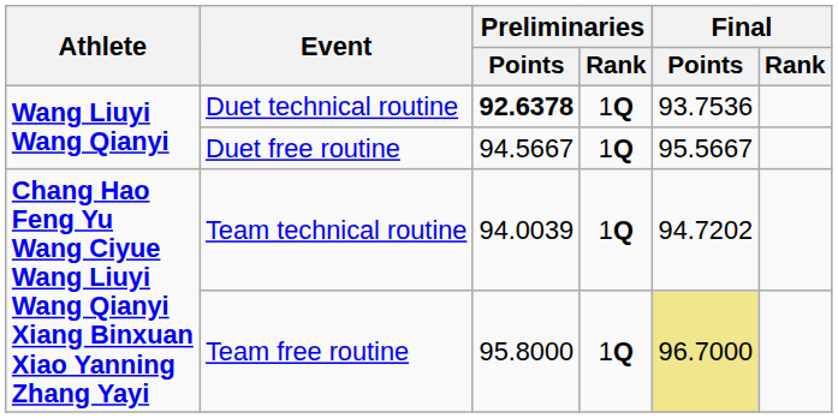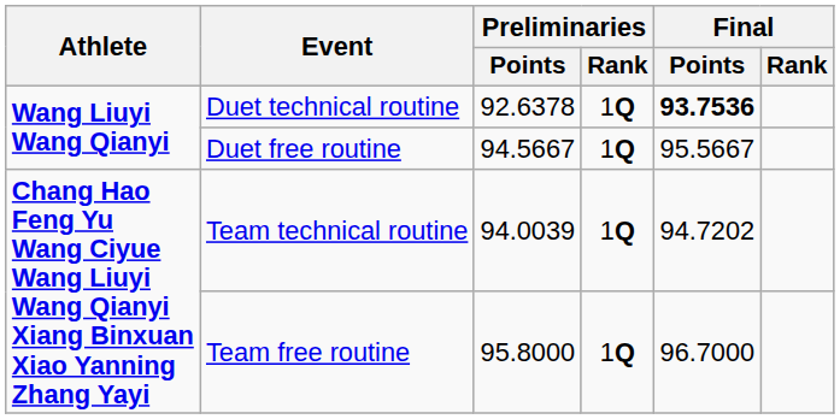 <table class="wikitable" style="font-size:90%">
 <tr>
 <th rowspan="2">Athlete</th>
 <th rowspan="2">Event</th>
 <th colspan="2">Preliminaries</th>
 <th colspan="2">Final</th>
 </tr>
 <tr style="font-size:95%">
 <th>Points</th>
 <th>Rank</th>
 <th>Points</th>
 <th>Rank</th>
 </tr>
 <tr align="center">
 <td align="left" rowspan="2"><strong><a href='#'>Wang Liuyi</a><br><a href='#'>Wang Qianyi</a></strong></td>
 <td align="left"><a href='#'>Duet technical routine</a></td>
-<td><strong>92.6378</strong></td>
+<td>92.6378</td>
 <td>1<strong>Q</strong></td>
-<td>93.7536</td>
+<td><strong>93.7536</strong></td>
 <td></td>
 </tr>
 <tr align="center">
 <td align="left"><a href='#'>Duet free routine</a></td>
 <td>94.5667</td>
 <td>1<strong>Q</strong></td>
 <td>95.5667</td>
 <td></td>
 </tr>
 <tr align="center">
 <td align="left" rowspan="2"><strong><a href='#'>Chang Hao</a><br><a href='#'>Feng Yu</a><br><a href='#'>Wang Ciyue</a><br><a href='#'>Wang Liuyi</a><br><a href='#'>Wang Qianyi</a><br><a href='#'>Xiang Binxuan</a><br><a href='#'>Xiao Yanning</a><br><a href='#'>Zhang Yayi</a></strong></td>
 <td align="left"><a href='#'>Team technical routine</a></td>
 <td>94.0039</td>
 <td>1<strong>Q</strong></td>
 <td>94.7202</td>
 <td></td>
 </tr>
 <tr align="center">
 <td align="left"><a href='#'>Team free routine</a></td>
 <td>95.8000</td>
 <td>1<strong>Q</strong></td>
-<td style="background: khaki;">96.7000</td>
+<td>96.7000</td>
 <td></td>
 </tr>
 </table>
